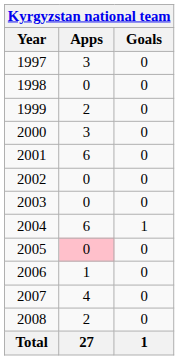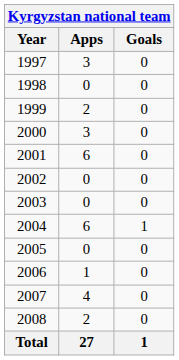 <table class="wikitable" style="text-align:center">
 <tr>
 <th colspan=3><a href='#'>Kyrgyzstan national team</a></th>
 </tr>
 <tr>
 <th>Year</th>
 <th>Apps</th>
 <th>Goals</th>
 </tr>
 <tr>
 <td>1997</td>
 <td>3</td>
 <td>0</td>
 </tr>
 <tr>
 <td>1998</td>
 <td>0</td>
 <td>0</td>
 </tr>
 <tr>
 <td>1999</td>
 <td>2</td>
 <td>0</td>
 </tr>
 <tr>
 <td>2000</td>
 <td>3</td>
 <td>0</td>
 </tr>
 <tr>
 <td>2001</td>
 <td>6</td>
 <td>0</td>
 </tr>
 <tr>
 <td>2002</td>
 <td>0</td>
 <td>0</td>
 </tr>
 <tr>
 <td>2003</td>
 <td>0</td>
 <td>0</td>
 </tr>
 <tr>
 <td>2004</td>
 <td>6</td>
 <td>1</td>
 </tr>
 <tr>
 <td>2005</td>
-<td style="background: pink;">0</td>
+<td>0</td>
 <td>0</td>
 </tr>
 <tr>
 <td>2006</td>
 <td>1</td>
 <td>0</td>
 </tr>
 <tr>
 <td>2007</td>
 <td>4</td>
 <td>0</td>
 </tr>
 <tr>
 <td>2008</td>
 <td>2</td>
 <td>0</td>
 </tr>
 <tr>
 <th>Total</th>
 <th>27</th>
 <th>1</th>
 </tr>
 </table>
